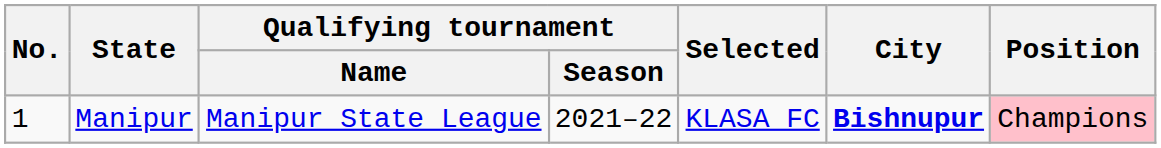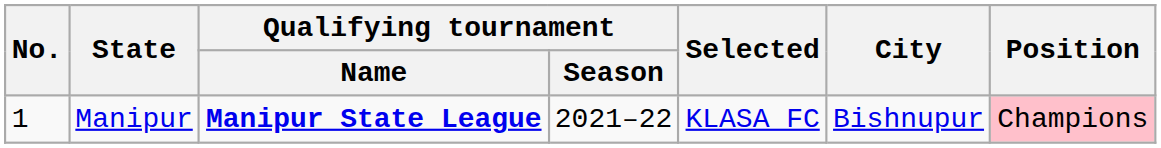 <table class="wikitable sortable" style="text-align: left;">
 <tr>
 <th rowspan="2">No.</th>
 <th rowspan="2">State</th>
 <th colspan="2">Qualifying tournament</th>
 <th rowspan="2">Selected</th>
 <th rowspan="2">City</th>
 <th rowspan="2">Position</th>
 </tr>
 <tr>
 <th>Name</th>
 <th>Season</th>
 </tr>
 <tr>
 <td>1</td>
 <td><a href='#'>Manipur</a></td>
-<td><a href='#'>Manipur State League </a></td>
+<td><strong><a href='#'>Manipur State League </a></strong></td>
 <td>2021–22</td>
 <td><a href='#'>KLASA FC</a></td>
-<td><strong><a href='#'>Bishnupur</a></strong></td>
+<td><a href='#'>Bishnupur</a></td>
 <td style="background: pink;">Champions</td>
 </tr>
 </table>
